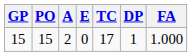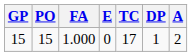 <table class="wikitable">
 <tr>
 <th><a href='#'>GP</a></th>
 <th><a href='#'>PO</a></th>
-<th><a href='#'>A</a></th>
+<th><a href='#'>FA</a></th>
 <th><a href='#'>E</a></th>
 <th><a href='#'>TC</a></th>
 <th><a href='#'>DP</a></th>
-<th><a href='#'>FA</a></th>
+<th><a href='#'>A</a></th>
 </tr>
 <tr align=center>
 <td>15</td>
 <td>15</td>
-<td>2</td>
+<td>1.000</td>
 <td>0</td>
 <td>17</td>
 <td>1</td>
-<td>1.000</td>
+<td>2</td>
 </tr>
 </table>
